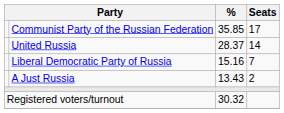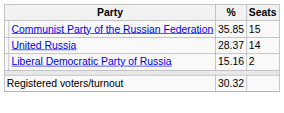 <table class="wikitable">
 <tr>
 <th colspan=2>Party</th>
 <th>%</th>
 <th>Seats</th>
 </tr>
 <tr>
 <td style="background:"></td>
 <td><a href='#'>Communist Party of the Russian Federation</a></td>
 <td>35.85</td>
-<td>17</td>
+<td>15</td>
 </tr>
 <tr>
 <td style="background:"></td>
 <td><a href='#'>United Russia</a></td>
 <td>28.37</td>
 <td>14</td>
 </tr>
 <tr>
 <td style="background:"></td>
 <td><a href='#'>Liberal Democratic Party of Russia</a></td>
 <td>15.16</td>
-<td>7</td>
-</tr>
-<tr>
-<td style="background:"></td>
-<td><a href='#'>A Just Russia</a></td>
-<td>13.43</td>
 <td>2</td>
 </tr>
 <tr>
 <td colspan=4 style="background:#E9E9E9;"></td>
 </tr>
 <tr>
 <td align=left colspan=2>Registered voters/turnout</td>
 <td>30.32</td>
 <td></td>
 </tr>
 <tr>
 </tr>
 </table>
